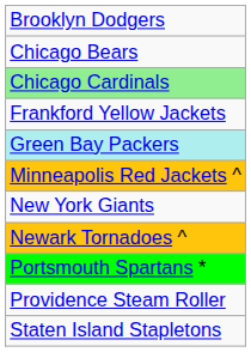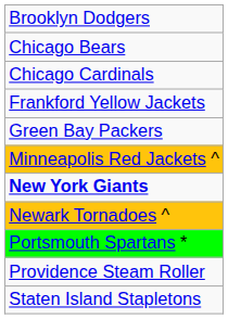 <table class="wikitable">
 <tr>
 <td><a href='#'>Brooklyn Dodgers</a></td>
 </tr>
 <tr>
 <td><a href='#'>Chicago Bears</a></td>
 </tr>
 <tr>
-<td style="background: lightgreen;"><a href='#'>Chicago Cardinals</a></td>
+<td><a href='#'>Chicago Cardinals</a></td>
 </tr>
 <tr>
 <td><a href='#'>Frankford Yellow Jackets</a></td>
 </tr>
 <tr>
-<td style="background: paleturquoise;"><a href='#'>Green Bay Packers</a></td>
+<td><a href='#'>Green Bay Packers</a></td>
 </tr>
 <tr>
 <td style="background-color: #FFC40C"><a href='#'>Minneapolis Red Jackets</a> ^</td>
 </tr>
 <tr>
-<td><a href='#'>New York Giants</a></td>
+<td><strong><a href='#'>New York Giants</a></strong></td>
 </tr>
 <tr>
 <td style="background-color: #FFC40C"><a href='#'>Newark Tornadoes</a> ^</td>
 </tr>
 <tr>
 <td style="background-color: #00FF00"><a href='#'>Portsmouth Spartans</a> *</td>
 </tr>
 <tr>
 <td><a href='#'>Providence Steam Roller</a></td>
 </tr>
 <tr>
 <td><a href='#'>Staten Island Stapletons</a></td>
 </tr>
 </table>
